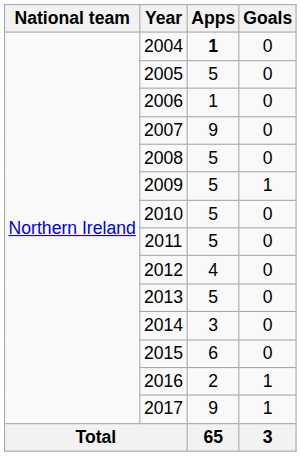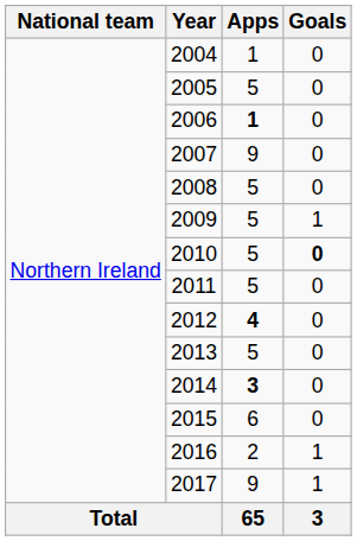 <table class=wikitable style=text-align:center>
 <tr>
 <th>National team</th>
 <th>Year</th>
 <th>Apps</th>
 <th>Goals</th>
 </tr>
 <tr>
 <td rowspan=14><a href='#'>Northern Ireland</a></td>
 <td>2004</td>
-<td><strong>1</strong></td>
+<td>1</td>
 <td>0</td>
 </tr>
 <tr>
 <td>2005</td>
 <td>5</td>
 <td>0</td>
 </tr>
 <tr>
 <td>2006</td>
-<td>1</td>
+<td><strong>1</strong></td>
 <td>0</td>
 </tr>
 <tr>
 <td>2007</td>
 <td>9</td>
 <td>0</td>
 </tr>
 <tr>
 <td>2008</td>
 <td>5</td>
 <td>0</td>
 </tr>
 <tr>
 <td>2009</td>
 <td>5</td>
 <td>1</td>
 </tr>
 <tr>
 <td>2010</td>
 <td>5</td>
-<td>0</td>
+<td><strong>0</strong></td>
 </tr>
 <tr>
 <td>2011</td>
 <td>5</td>
 <td>0</td>
 </tr>
 <tr>
 <td>2012</td>
-<td>4</td>
+<td><strong>4</strong></td>
 <td>0</td>
 </tr>
 <tr>
 <td>2013</td>
 <td>5</td>
 <td>0</td>
 </tr>
 <tr>
 <td>2014</td>
-<td>3</td>
+<td><strong>3</strong></td>
 <td>0</td>
 </tr>
 <tr>
 <td>2015</td>
 <td>6</td>
 <td>0</td>
 </tr>
 <tr>
 <td>2016</td>
 <td>2</td>
 <td>1</td>
 </tr>
 <tr>
 <td>2017</td>
 <td>9</td>
 <td>1</td>
 </tr>
 <tr>
 <th colspan=2>Total</th>
 <th>65</th>
 <th>3</th>
 </tr>
 </table>
